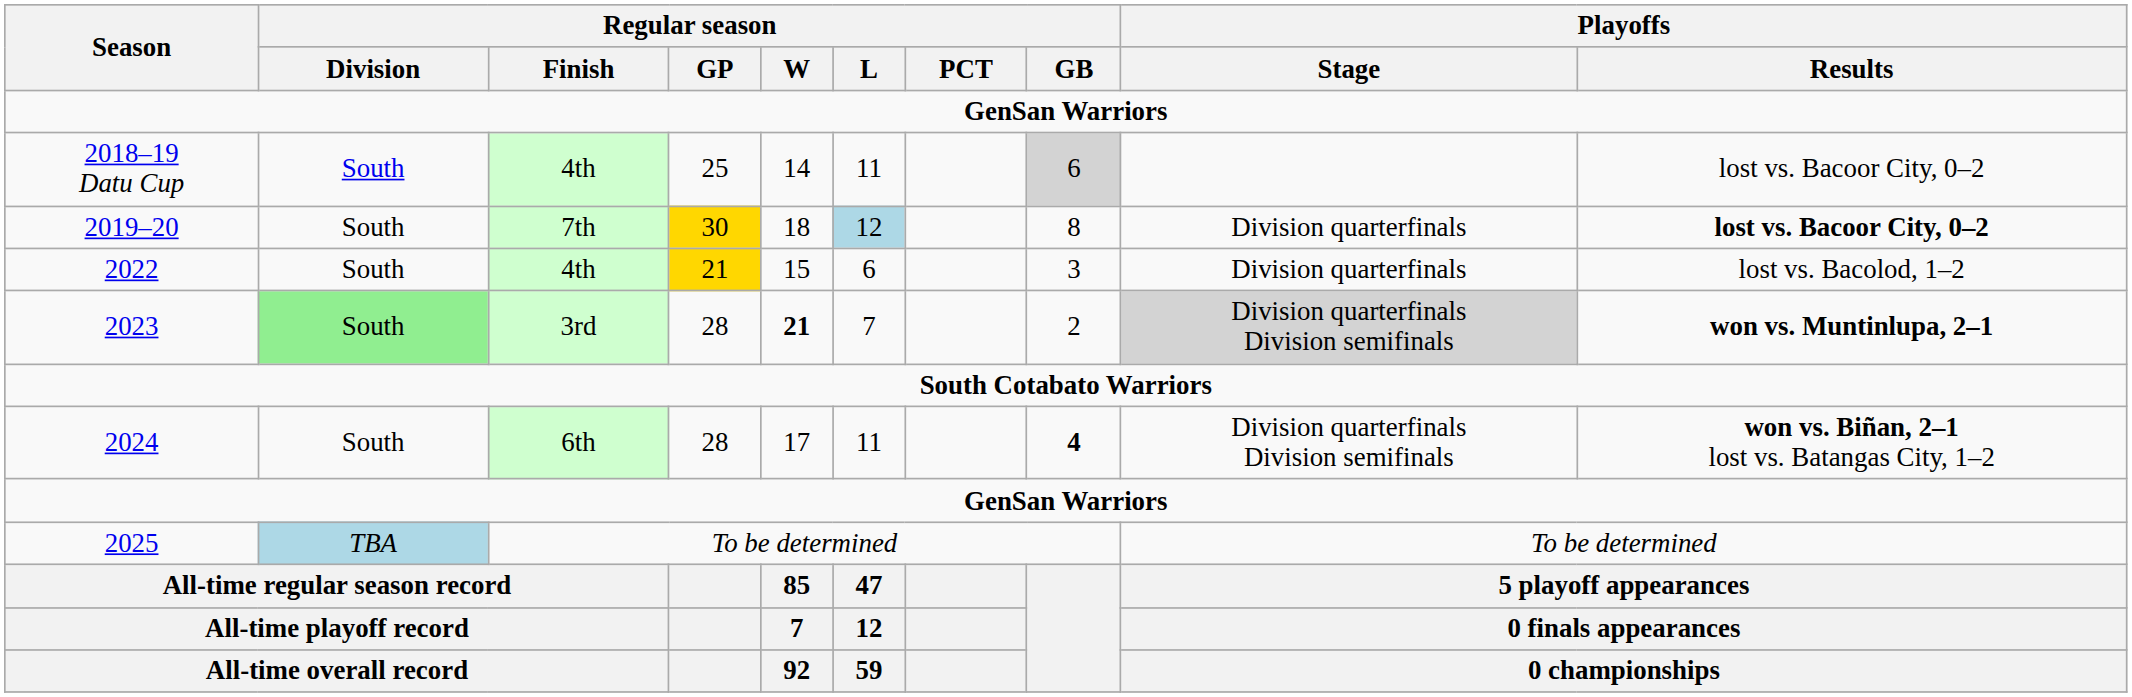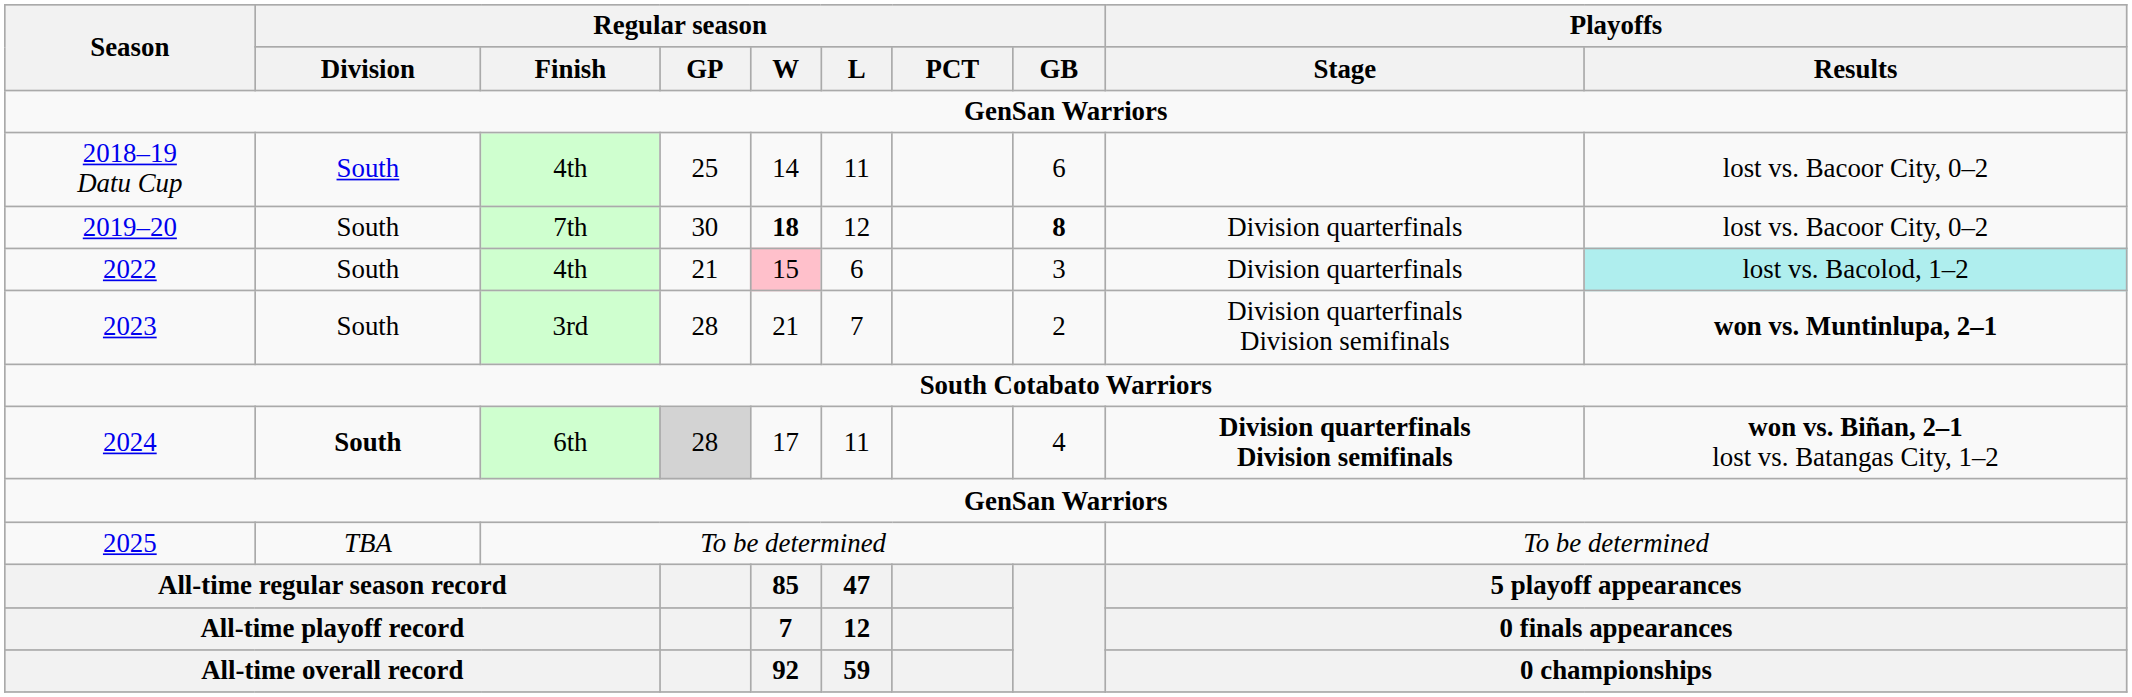 <table class=wikitable style="width:100%; text-align:center">
 <tr>
 <th rowspan="2">Season</th>
 <th colspan="7">Regular season</th>
 <th colspan="2">Playoffs</th>
 </tr>
 <tr>
 <th>Division</th>
 <th>Finish</th>
 <th>GP</th>
 <th>W</th>
 <th>L</th>
 <th>PCT</th>
 <th>GB</th>
 <th>Stage</th>
 <th>Results</th>
 </tr>
 <tr>
 <td colspan=10><span><strong>GenSan Warriors</strong></span></td>
 </tr>
 <tr>
 <td><a href='#'>2018–19</a> <br> <em>Datu Cup</em></td>
 <td><a href='#'>South</a></td>
 <td bgcolor="#CFFFCF">4th</td>
 <td>25</td>
 <td>14</td>
 <td>11</td>
 <td></td>
-<td style="background: lightgrey;">6</td>
+<td>6</td>
 <td></td>
 <td>lost vs. Bacoor City, 0–2</td>
 </tr>
 <tr>
 <td><a href='#'>2019–20</a> <br> </td>
 <td>South</td>
 <td bgcolor="#CFFFCF">7th</td>
-<td style="background: gold;">30</td>
-<td>18</td>
-<td style="background: lightblue;">12</td>
+<td>30</td>
+<td><strong>18</strong></td>
+<td>12</td>
 <td></td>
-<td>8</td>
+<td><strong>8</strong></td>
 <td>Division quarterfinals</td>
-<td><strong>lost vs. Bacoor City, 0–2</strong></td>
+<td>lost vs. Bacoor City, 0–2</td>
 </tr>
 <tr>
 <td><a href='#'>2022</a></td>
 <td>South</td>
 <td bgcolor="#CFFFCF">4th</td>
-<td style="background: gold;">21</td>
-<td>15</td>
+<td>21</td>
+<td style="background: pink;">15</td>
 <td>6</td>
 <td></td>
 <td>3</td>
 <td>Division quarterfinals</td>
-<td>lost vs. Bacolod, 1–2</td>
+<td style="background: paleturquoise;">lost vs. Bacolod, 1–2</td>
 </tr>
 <tr>
 <td><a href='#'>2023</a></td>
-<td style="background: lightgreen;">South</td>
+<td>South</td>
 <td bgcolor="#CFFFCF">3rd</td>
 <td>28</td>
-<td><strong>21</strong></td>
+<td>21</td>
 <td>7</td>
 <td></td>
 <td>2</td>
-<td style="background: lightgrey;">Division quarterfinals <br> Division semifinals</td>
+<td>Division quarterfinals <br> Division semifinals</td>
 <td><strong>won vs. Muntinlupa, 2–1</strong><br></td>
 </tr>
 <tr>
 <td colspan=10><span><strong>South Cotabato Warriors</strong></span></td>
 </tr>
 <tr>
 <td><a href='#'>2024</a></td>
-<td>South</td>
+<td><strong>South</strong></td>
 <td bgcolor="CFFFCF">6th</td>
-<td>28</td>
+<td style="background: lightgrey;">28</td>
 <td>17</td>
 <td>11</td>
 <td></td>
-<td><strong>4</strong></td>
-<td>Division quarterfinals<br>Division semifinals</td>
+<td>4</td>
+<td><strong>Division quarterfinals<br>Division semifinals</strong></td>
 <td><strong>won vs. Biñan, 2–1</strong><br>lost vs. Batangas City, 1–2</td>
 </tr>
 <tr>
 <td colspan=10><span><strong>GenSan Warriors</strong></span></td>
 </tr>
 <tr>
 <td><a href='#'>2025</a></td>
-<td style="background: lightblue;"><em>TBA</em></td>
+<td><em>TBA</em></td>
 <td colspan=6><em>To be determined</em></td>
 <td colspan=2><em>To be determined</em></td>
 </tr>
 <tr>
 <th colspan=3>All-time regular season record</th>
 <th></th>
 <th>85</th>
 <th>47</th>
 <th></th>
 <th rowspan=3></th>
 <th colspan=2>5 playoff appearances</th>
 </tr>
 <tr>
 <th colspan=3>All-time playoff record</th>
 <th></th>
 <th>7</th>
 <th>12</th>
 <th></th>
 <th colspan=2>0 finals appearances</th>
 </tr>
 <tr>
 <th colspan=3>All-time overall record</th>
 <th></th>
 <th>92</th>
 <th>59</th>
 <th></th>
 <th colspan=2>0 championships</th>
 </tr>
 </table>
